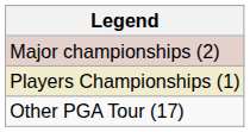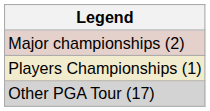 <table class="wikitable" style="font-size:95%;">
 <tr>
 <th>Legend</th>
 </tr>
 <tr style="background:#e5d1cb;">
 <td>Major championships (2)</td>
 </tr>
 <tr style="background:#f2ecce;">
 <td>Players Championships (1)</td>
 </tr>
 <tr>
-<td>Other PGA Tour (17)</td>
+<td style="background: lightgrey;">Other PGA Tour (17)</td>
 </tr>
 </table>
